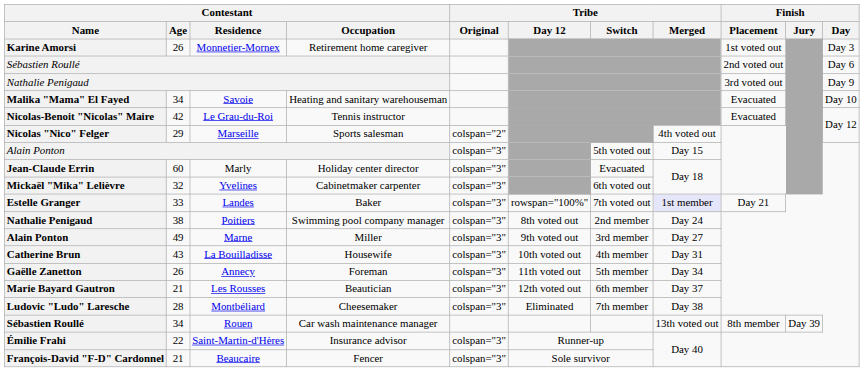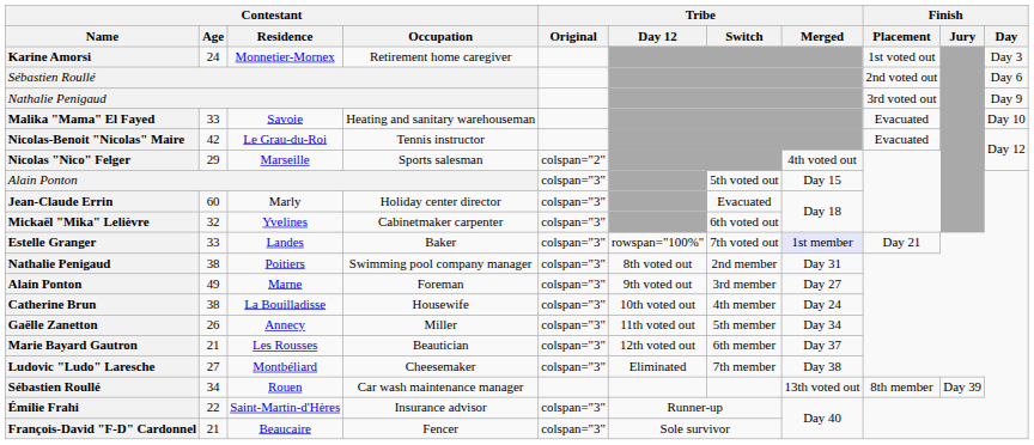 <table class="wikitable sortable" style="text-align:center; line-height:normal;">
 <tr>
 <th colspan="4" scope="colgroup" class="unsortable">Contestant</th>
 <th colspan="4" scope="colgroup" class="unsortable">Tribe</th>
 <th colspan="3" scope="colgroup" class="unsortable">Finish</th>
 </tr>
 <tr>
 <th scope="col">Name</th>
 <th scope="col">Age</th>
 <th scope="col" class="unsortable">Residence</th>
 <th scope="col" class="unsortable">Occupation</th>
 <th scope="col">Original</th>
 <th scope="col">Day 12</th>
 <th scope="col">Switch</th>
 <th class="unsortable">Merged</th>
 <th scope="col" class=unsortable>Placement</th>
 <th scope="col" class=unsortable>Jury</th>
 <th scope="col" class=unsortable>Day</th>
 </tr>
 <tr>
 <th scope="row" style="text-align:left;">Karine Amorsi</th>
-<td>26</td>
+<td>24</td>
 <td><a href='#'>Monnetier-Mornex</a></td>
 <td>Retirement home caregiver</td>
 <td></td>
 <td colspan="3" style="background:darkgray; border:none;"></td>
 <td>1st voted out</td>
 <td rowspan="9" style="background:darkgray; border:none;"></td>
 <td>Day 3</td>
 </tr>
 <tr>
 <th scope="row" colspan="4" style="text-align:left; font-weight:normal;"><em>Sébastien Roullé</em></th>
 <td></td>
 <td colspan="3" style="background:darkgray; border:none;"></td>
 <td>2nd voted out</td>
 <td>Day 6</td>
 </tr>
 <tr>
 <th scope="row" colspan="4" style="text-align:left; font-weight:normal;"><em>Nathalie Penigaud</em></th>
 <td></td>
 <td colspan="3" style="background:darkgray; border:none;"></td>
 <td>3rd voted out</td>
 <td>Day 9</td>
 </tr>
 <tr>
 <th scope="row" style="text-align:left;">Malika "Mama" El Fayed</th>
-<td>34</td>
+<td>33</td>
 <td><a href='#'>Savoie</a></td>
 <td>Heating and sanitary warehouseman</td>
 <td></td>
 <td colspan="3" style="background:darkgray; border:none;"></td>
 <td>Evacuated</td>
 <td>Day 10</td>
 </tr>
 <tr>
 <th scope="row" style="text-align:left;">Nicolas-Benoit "Nicolas" Maire</th>
 <td>42</td>
 <td><a href='#'>Le Grau-du-Roi</a></td>
 <td>Tennis instructor</td>
 <td></td>
 <td colspan="3" style="background:darkgray; border:none;"></td>
 <td>Evacuated</td>
 <td rowspan="2">Day 12</td>
 </tr>
 <tr>
 <th scope="row" style="text-align:left;">Nicolas "Nico" Felger</th>
 <td>29</td>
 <td><a href='#'>Marseille</a></td>
 <td>Sports salesman</td>
 <td>colspan="2" </td>
 <td colspan="2" style="background:darkgray; border:none;"></td>
 <td>4th voted out</td>
 </tr>
 <tr>
 <th scope="row" colspan="4" style="text-align:left; font-weight:normal;"><em>Alain Ponton</em></th>
 <td>colspan="3" </td>
 <td style="background:darkgray; border:none;"></td>
 <td>5th voted out</td>
 <td>Day 15</td>
 </tr>
 <tr>
 <th scope="row" style="text-align:left;">Jean-Claude Errin</th>
 <td>60</td>
 <td>Marly</td>
 <td>Holiday center director</td>
 <td>colspan="3" </td>
 <td style="background:darkgray; border:none;"></td>
 <td>Evacuated</td>
 <td rowspan="2">Day 18</td>
 </tr>
 <tr>
 <th scope="row" style="text-align:left;">Mickaël "Mika" Lelièvre</th>
 <td>32</td>
 <td><a href='#'>Yvelines</a></td>
 <td>Cabinetmaker carpenter</td>
 <td>colspan="3" </td>
 <td style="background:darkgray; border:none;"></td>
 <td>6th voted out</td>
 </tr>
 <tr>
 <th scope="row" style="text-align:left;">Estelle Granger</th>
 <td>33</td>
 <td><a href='#'>Landes</a></td>
 <td>Baker</td>
 <td>colspan="3" </td>
 <td>rowspan="100%" </td>
 <td>7th voted out</td>
 <td style="background: lavender;">1st member</td>
 <td>Day 21</td>
 </tr>
 <tr>
 <th scope="row" style="text-align:left;">Nathalie Penigaud</th>
 <td>38</td>
 <td><a href='#'>Poitiers</a></td>
 <td>Swimming pool company manager</td>
 <td>colspan="3" </td>
 <td>8th voted out</td>
 <td>2nd member</td>
-<td>Day 24</td>
+<td>Day 31</td>
 </tr>
 <tr>
 <th scope="row" style="text-align:left;">Alain Ponton</th>
 <td>49</td>
 <td><a href='#'>Marne</a></td>
-<td>Miller</td>
+<td>Foreman</td>
 <td>colspan="3" </td>
 <td>9th voted out</td>
 <td>3rd member</td>
 <td>Day 27</td>
 </tr>
 <tr>
 <th scope="row" style="text-align:left;">Catherine Brun</th>
-<td>43</td>
+<td>38</td>
 <td><a href='#'>La Bouilladisse</a></td>
 <td>Housewife</td>
 <td>colspan="3" </td>
 <td>10th voted out</td>
 <td>4th member</td>
-<td>Day 31</td>
+<td>Day 24</td>
 </tr>
 <tr>
 <th scope="row" style="text-align:left;">Gaëlle Zanetton</th>
 <td>26</td>
 <td><a href='#'>Annecy</a></td>
-<td>Foreman</td>
+<td>Miller</td>
 <td>colspan="3" </td>
 <td>11th voted out</td>
 <td>5th member</td>
 <td>Day 34</td>
 </tr>
 <tr>
 <th scope="row" style="text-align:left;">Marie Bayard Gautron</th>
 <td>21</td>
 <td><a href='#'>Les Rousses</a></td>
 <td>Beautician</td>
 <td>colspan="3" </td>
 <td>12th voted out</td>
 <td>6th member</td>
 <td>Day 37</td>
 </tr>
 <tr>
 <th scope="row" style="text-align:left;">Ludovic "Ludo" Laresche</th>
-<td>28</td>
+<td>27</td>
 <td><a href='#'>Montbéliard</a></td>
 <td>Cheesemaker</td>
 <td>colspan="3" </td>
 <td>Eliminated</td>
 <td>7th member</td>
 <td>Day 38</td>
 </tr>
 <tr>
 <th scope="row" style="text-align:left;">Sébastien Roullé</th>
 <td>34</td>
 <td><a href='#'>Rouen</a></td>
 <td>Car wash maintenance manager</td>
 <td></td>
 <td></td>
 <td></td>
 <td>13th voted out</td>
 <td>8th member</td>
 <td>Day 39</td>
 </tr>
 <tr>
 <th scope="row" style="text-align:left;">Émilie Frahi</th>
 <td>22</td>
 <td><a href='#'>Saint-Martin-d'Hères</a></td>
 <td>Insurance advisor</td>
 <td>colspan="3" </td>
 <td colspan="2">Runner-up</td>
 <td rowspan="2">Day 40</td>
 </tr>
 <tr>
 <th scope="row" style="text-align:left;">François-David "F-D" Cardonnel</th>
 <td>21</td>
 <td><a href='#'>Beaucaire</a></td>
 <td>Fencer</td>
 <td>colspan="3" </td>
 <td colspan="2">Sole survivor</td>
 </tr>
 </table>
